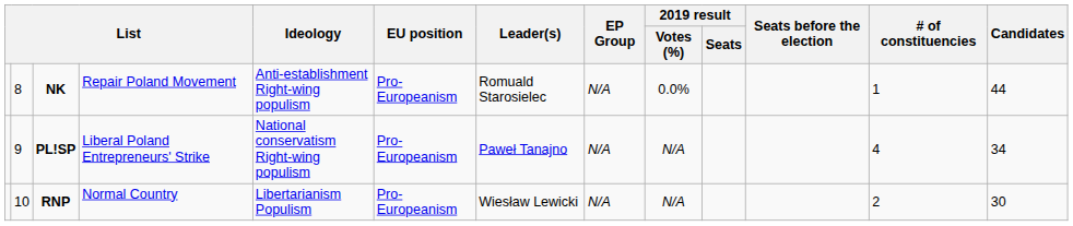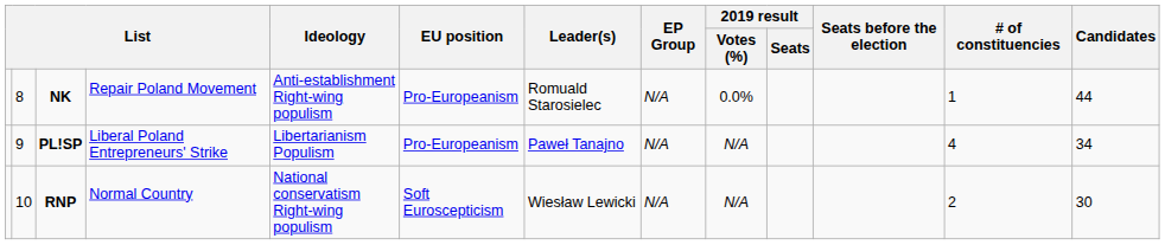 <table class="wikitable mw-collapsible">
 <tr>
 <th colspan="4" rowspan="2">List</th>
 <th rowspan="2">Ideology</th>
 <th rowspan="2">EU position</th>
 <th rowspan="2">Leader(s)</th>
 <th rowspan="2">EP Group</th>
 <th colspan="2">2019 result</th>
 <th rowspan="2">Seats before the election</th>
 <th rowspan="2"># of constituencies</th>
 <th rowspan="2">Candidates</th>
 </tr>
 <tr>
 <th>Votes (%)</th>
 <th>Seats</th>
 </tr>
 <tr>
 <td style="background:"></td>
 <td>8</td>
 <td style="text-align:center;"><strong>NK</strong></td>
 <td><a href='#'>Repair Poland Movement</a><br><br></td>
 <td><a href='#'>Anti-establishment</a><br><a href='#'>Right-wing populism</a></td>
 <td><a href='#'>Pro-Europeanism</a></td>
 <td>Romuald Starosielec</td>
 <td><em>N/A</em></td>
 <td style="text-align:center;">0.0%</td>
 <td></td>
 <td></td>
 <td>1</td>
 <td>44</td>
 </tr>
 <tr>
 <td style="background:"></td>
 <td>9</td>
 <td style="text-align:center;"><strong>PL!SP</strong></td>
 <td><a href='#'>Liberal Poland Entrepreneurs' Strike</a><br></td>
-<td><a href='#'>National conservatism</a><br><a href='#'>Right-wing populism</a></td>
+<td><a href='#'>Libertarianism</a><br><a href='#'>Populism</a></td>
 <td><a href='#'>Pro-Europeanism</a></td>
 <td><a href='#'>Paweł Tanajno</a></td>
 <td><em>N/A</em></td>
 <td style="text-align:center;"><em>N/A</em></td>
 <td></td>
 <td></td>
 <td>4</td>
 <td>34</td>
 </tr>
 <tr>
 <td style="background:"></td>
 <td>10</td>
 <td style="text-align:center;"><strong>RNP</strong></td>
 <td><a href='#'>Normal Country</a><br><br></td>
-<td><a href='#'>Libertarianism</a><br><a href='#'>Populism</a></td>
-<td><a href='#'>Pro-Europeanism</a></td>
+<td><a href='#'>National conservatism</a><br><a href='#'>Right-wing populism</a></td>
+<td><a href='#'>Soft Euroscepticism</a></td>
 <td>Wiesław Lewicki</td>
 <td><em>N/A</em></td>
 <td style="text-align:center;"><em>N/A</em></td>
 <td></td>
 <td></td>
 <td>2</td>
 <td>30</td>
 </tr>
 </table>
